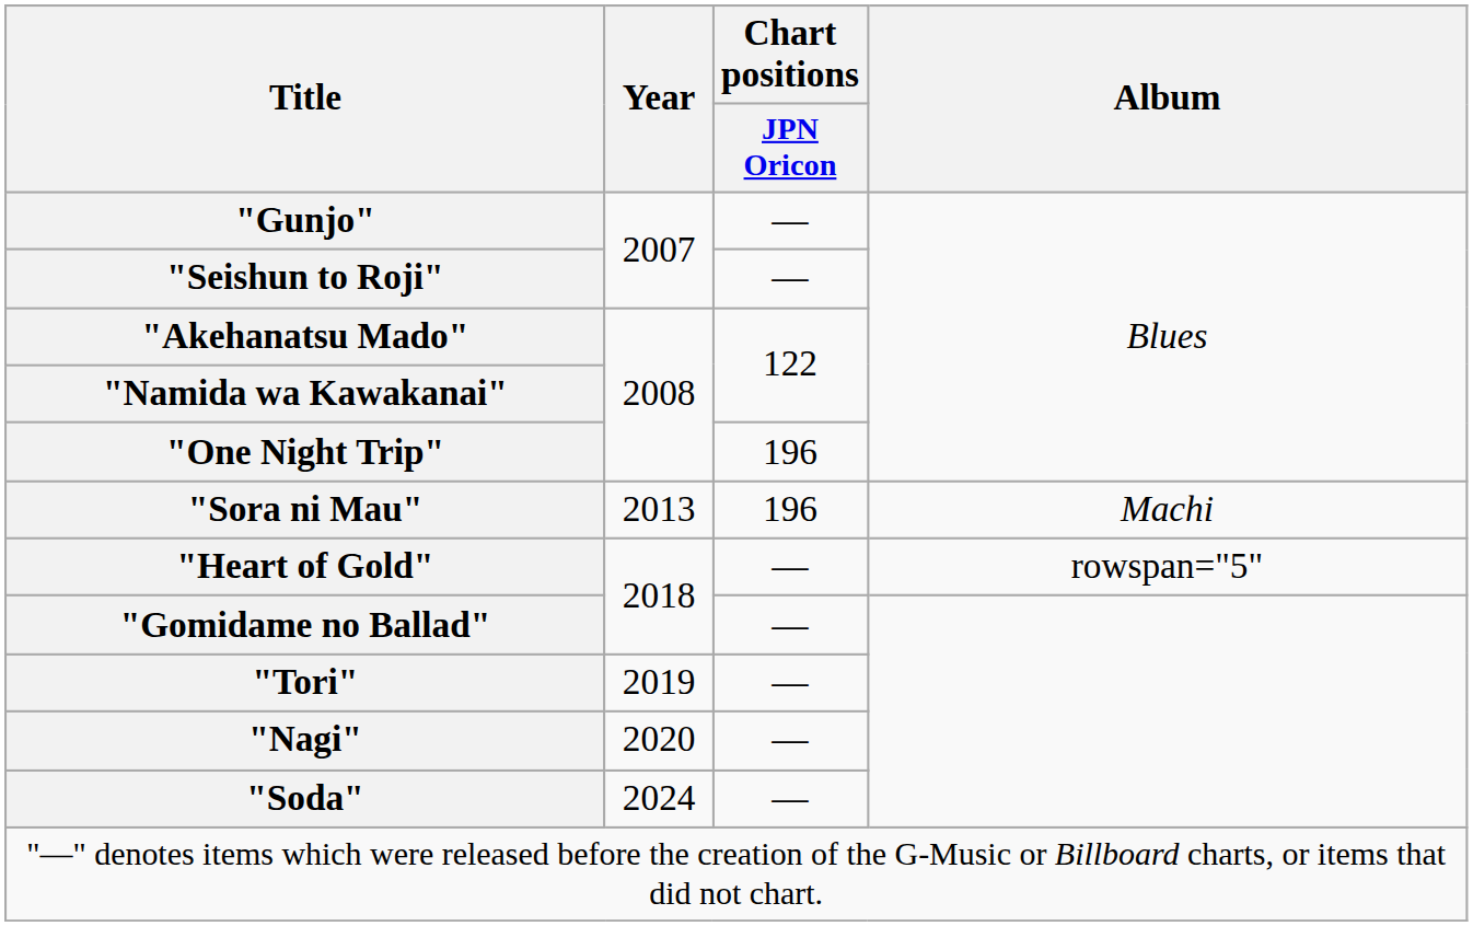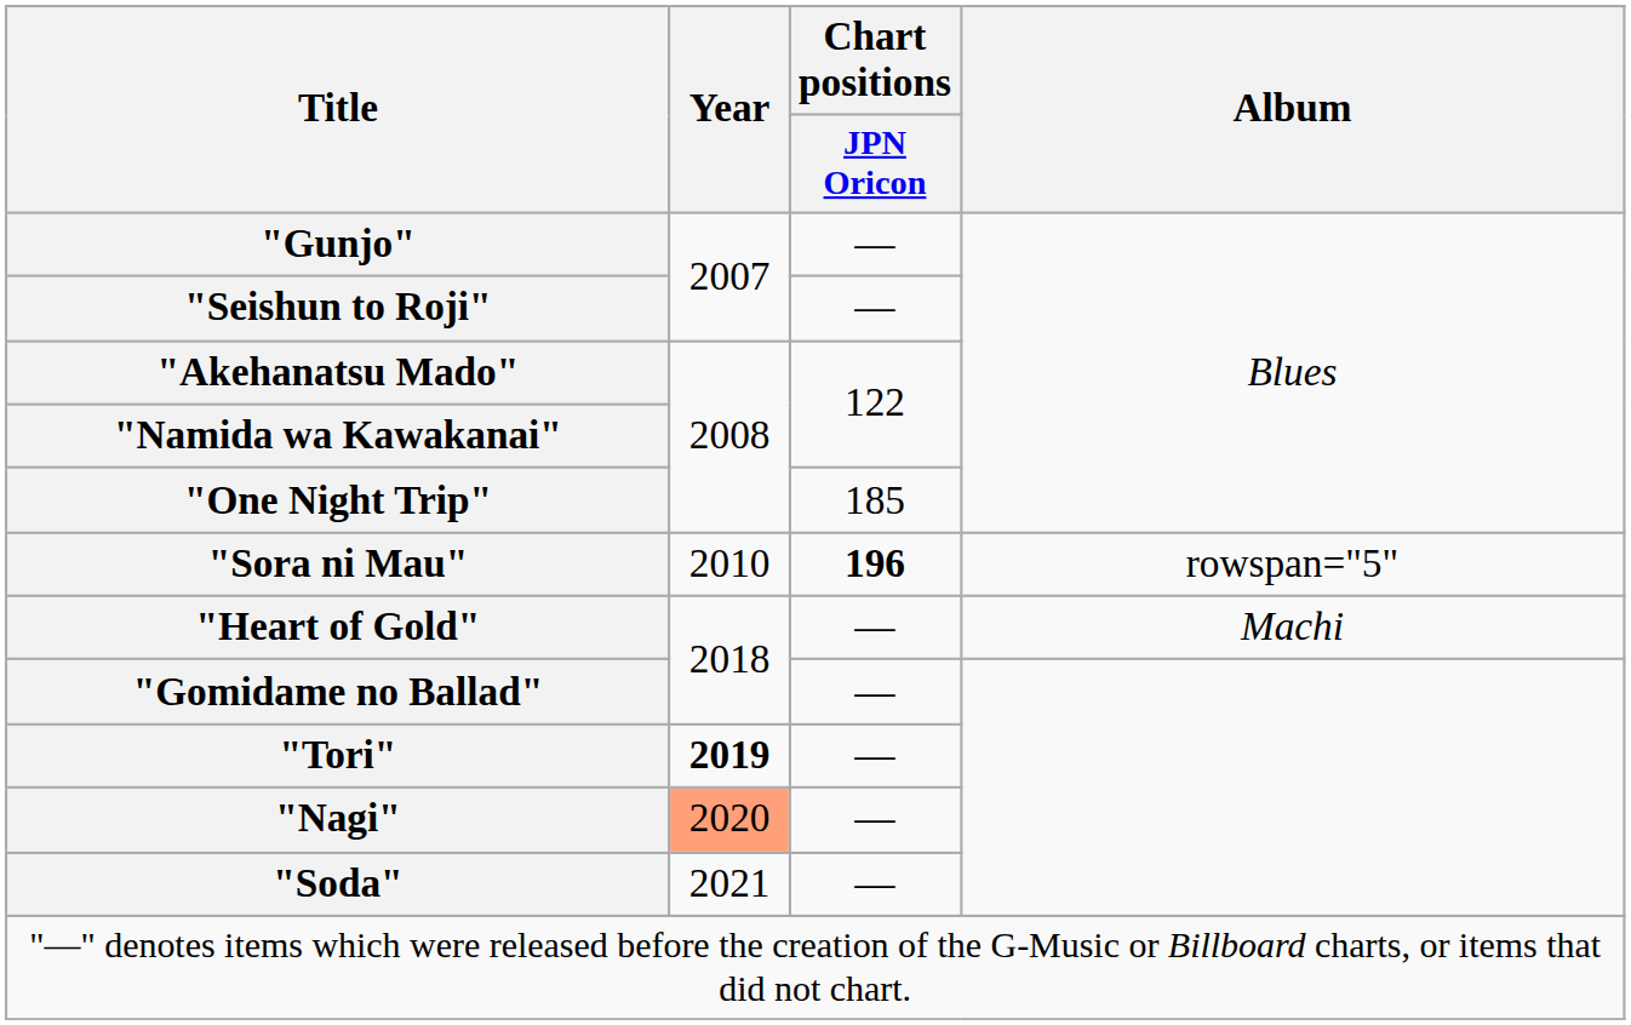 <table class="wikitable plainrowheaders" style="text-align:center;">
 <tr>
 <th scope="col" rowspan="2" style="width:16em;">Title</th>
 <th scope="col" rowspan="2" style="width:2.5em;">Year</th>
 <th scope="col" colspan="1" style="width:3em;">Chart positions</th>
 <th scope="col" rowspan="2" style="width:16em;">Album</th>
 </tr>
 <tr>
 <th style="width:3em;font-size:85%"><a href='#'>JPN<br>Oricon</a><br></th>
 </tr>
 <tr>
 <th scope="row">"Gunjo"</th>
 <td rowspan="2">2007</td>
 <td>—</td>
 <td rowspan="5"><em>Blues</em></td>
 </tr>
 <tr>
 <th scope="row">"Seishun to Roji"</th>
 <td>—</td>
 </tr>
 <tr>
 <th scope="row">"Akehanatsu Mado"</th>
 <td rowspan="3">2008</td>
 <td rowspan="2">122</td>
 </tr>
 <tr>
 <th scope="row">"Namida wa Kawakanai"</th>
 </tr>
 <tr>
 <th scope="row">"One Night Trip"</th>
-<td>196</td>
+<td>185</td>
 </tr>
 <tr>
 <th scope="row">"Sora ni Mau"</th>
-<td>2013</td>
-<td>196</td>
-<td><em>Machi</em></td>
+<td>2010</td>
+<td><strong>196</strong></td>
+<td>rowspan="5" </td>
 </tr>
 <tr>
 <th scope="row">"Heart of Gold"</th>
 <td rowspan="2">2018</td>
 <td>—</td>
-<td>rowspan="5" </td>
+<td><em>Machi</em></td>
 </tr>
 <tr>
 <th scope="row">"Gomidame no Ballad"</th>
 <td>—</td>
 </tr>
 <tr>
 <th scope="row">"Tori" </th>
-<td>2019</td>
+<td><strong>2019</strong></td>
 <td>—</td>
 </tr>
 <tr>
 <th scope="row">"Nagi"</th>
-<td>2020</td>
+<td style="background: lightsalmon;">2020</td>
 <td>—</td>
 </tr>
 <tr>
 <th scope="row">"Soda"</th>
-<td>2024</td>
+<td>2021</td>
 <td>—</td>
 </tr>
 <tr>
 <td colspan="7" align="center" style="font-size:90%;">"—" denotes items which were released before the creation of the G-Music or <em>Billboard</em> charts, or items that did not chart.</td>
 </tr>
 </table>
